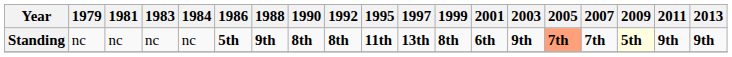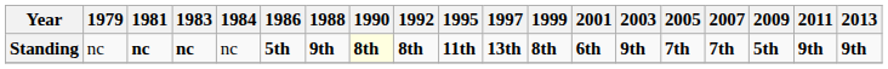 <table class="wikitable">
 <tr>
 <th>Year</th>
 <th>1979</th>
 <th>1981</th>
 <th>1983</th>
 <th>1984</th>
 <th>1986</th>
 <th>1988</th>
 <th>1990</th>
 <th>1992</th>
 <th>1995</th>
 <th>1997</th>
 <th>1999</th>
 <th>2001</th>
 <th>2003</th>
 <th>2005</th>
 <th>2007</th>
 <th>2009</th>
 <th>2011</th>
 <th>2013</th>
 </tr>
 <tr>
 <th>Standing</th>
 <td>nc</td>
-<td>nc</td>
-<td>nc</td>
+<td><strong>nc</strong></td>
+<td><strong>nc</strong></td>
 <td>nc</td>
 <td><strong>5th</strong></td>
 <td><strong>9th</strong></td>
-<td><strong>8th</strong></td>
+<td style="background: lightyellow;"><strong>8th</strong></td>
 <td><strong>8th</strong></td>
 <td><strong>11th</strong></td>
 <td><strong>13th</strong></td>
 <td><strong>8th</strong></td>
 <td><strong>6th</strong></td>
 <td><strong>9th</strong></td>
-<td style="background: lightsalmon;"><strong>7th</strong></td>
 <td><strong>7th</strong></td>
-<td style="background: lightyellow;"><strong>5th</strong></td>
+<td><strong>7th</strong></td>
+<td><strong>5th</strong></td>
 <td><strong>9th</strong></td>
 <td><strong>9th</strong></td>
 </tr>
 <tr>
 </tr>
 </table>
